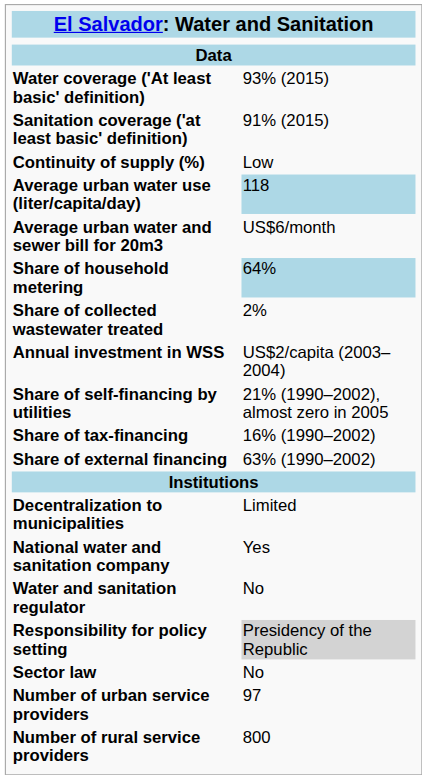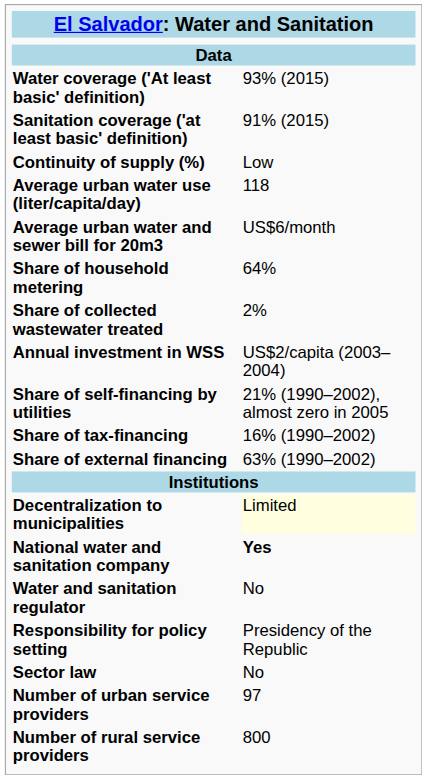 <table style="width: 25em; font-size: 90%; text-align: left;" class="infobox">
 <tr>
 <th align="center" bgcolor="lightblue" colspan="2"><big><a href='#'>El Salvador</a>: Water and Sanitation</big></th>
 </tr>
 <tr>
 <td colspan="2" style="text-align:center"></td>
 </tr>
 <tr>
 <th align="center" bgcolor="lightblue" colspan="3">Data</th>
 </tr>
 <tr>
 <th align="left" valign="top">Water coverage ('At least basic' definition)</th>
 <td valign="top">93% (2015) </td>
 </tr>
 <tr>
 <th align="left" valign="top">Sanitation coverage ('at least basic' definition)</th>
 <td valign="top">91% (2015) </td>
 </tr>
 <tr>
 <th align="left" valign="top">Continuity of supply (%)</th>
 <td valign="top">Low</td>
 </tr>
 <tr>
 <th align="left" valign="top">Average urban water use (liter/capita/day)</th>
-<td valign="top" style="background: lightblue;">118</td>
+<td valign="top">118</td>
 </tr>
 <tr>
 <th align="left" valign="top">Average urban water and sewer bill for 20m3</th>
 <td valign="top">US$6/month</td>
 </tr>
 <tr>
 <th align="left" valign="top">Share of household metering</th>
-<td valign="top" style="background: lightblue;">64%</td>
+<td valign="top">64%</td>
 </tr>
 <tr>
 <th align="left" valign="top">Share of collected wastewater treated</th>
 <td valign="top">2%</td>
 </tr>
 <tr>
 <th align="left" valign="top">Annual investment in WSS</th>
 <td valign="top">US$2/capita (2003–2004)</td>
 </tr>
 <tr>
 <th align="left" valign="top">Share of self-financing by utilities</th>
 <td valign="top">21% (1990–2002), almost zero in 2005</td>
 </tr>
 <tr>
 <th align="left" valign="top">Share of tax-financing</th>
 <td valign="top">16% (1990–2002)</td>
 </tr>
 <tr>
 <th align="left" valign="top">Share of external financing</th>
 <td valign="top">63% (1990–2002)</td>
 </tr>
 <tr>
 <th align="center" bgcolor="lightblue" colspan="3">Institutions</th>
 </tr>
 <tr>
 <th align="left" valign="top">Decentralization to municipalities</th>
-<td valign="top">Limited</td>
+<td valign="top" style="background: lightyellow;">Limited</td>
 </tr>
 <tr>
 <th align="left" valign="top">National water and sanitation company</th>
-<td valign="top">Yes</td>
+<td valign="top"><strong>Yes</strong></td>
 </tr>
 <tr>
 <th align="left" valign="top">Water and sanitation regulator</th>
 <td valign="top">No</td>
 </tr>
 <tr>
 <th align="left" valign="top">Responsibility for policy setting</th>
-<td valign="top" style="background: lightgrey;">Presidency of the Republic</td>
+<td valign="top">Presidency of the Republic</td>
 </tr>
 <tr>
 <th align="left" valign="top">Sector law</th>
 <td valign="top">No</td>
 </tr>
 <tr>
 <th align="left" valign="top">Number of urban service providers</th>
 <td valign="top">97</td>
 </tr>
 <tr>
 <th align="left" valign="top">Number of rural service providers</th>
 <td valign="top">800</td>
 </tr>
 <tr>
 </tr>
 </table>
